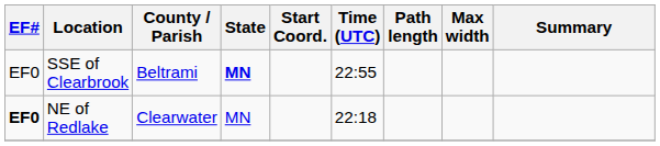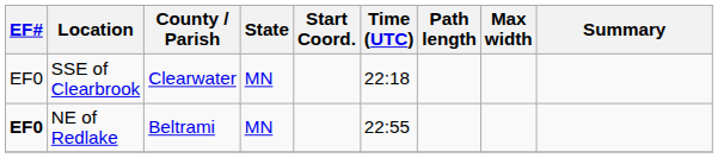 <table class="wikitable sortable" style="width:100%;">
 <tr>
 <th scope="col"  style="width:3%; text-align:center;"><a href='#'>EF#</a></th>
 <th scope="col"  style="width:7%; text-align:center;" class="unsortable">Location</th>
 <th scope="col"  style="width:6%; text-align:center;" class="unsortable">County / Parish</th>
 <th scope="col"  style="width:5%; text-align:center;">State</th>
 <th scope="col"  style="width:6%; text-align:center;">Start Coord.</th>
 <th scope="col"  style="width:6%; text-align:center;">Time (<a href='#'>UTC</a>)</th>
 <th scope="col"  style="width:6%; text-align:center;">Path length</th>
 <th scope="col"  style="width:6%; text-align:center;">Max width</th>
 <th scope="col" class="unsortable" style="width:48%; text-align:center;">Summary</th>
 </tr>
 <tr>
 <td>EF0</td>
 <td>SSE of <a href='#'>Clearbrook</a></td>
-<td><a href='#'>Beltrami</a></td>
-<td><strong><a href='#'>MN</a></strong></td>
-<td></td>
-<td>22:55</td>
-<td></td>
-<td></td>
-<td></td>
-</tr>
-<tr>
-<td><strong>EF0</strong></td>
-<td>NE of <a href='#'>Redlake</a></td>
 <td><a href='#'>Clearwater</a></td>
 <td><a href='#'>MN</a></td>
 <td></td>
 <td>22:18</td>
 <td></td>
 <td></td>
 <td></td>
 </tr>
 <tr>
+<td><strong>EF0</strong></td>
+<td>NE of <a href='#'>Redlake</a></td>
+<td><a href='#'>Beltrami</a></td>
+<td><a href='#'>MN</a></td>
+<td></td>
+<td>22:55</td>
+<td></td>
+<td></td>
+<td></td>
+</tr>
+<tr>
 </tr>
 </table>
